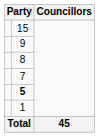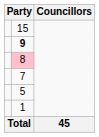 <table class="wikitable">
 <tr>
 <th colspan=2>Party</th>
 <th>Councillors</th>
 </tr>
 <tr>
 <td></td>
 <td align=center>15</td>
 </tr>
 <tr>
 <td></td>
-<td align=center>9</td>
+<td align=center><strong>9</strong></td>
 </tr>
 <tr>
 <td></td>
-<td align=center>8</td>
+<td align=center style="background: pink;">8</td>
 </tr>
 <tr>
 <td></td>
 <td align=center>7</td>
 </tr>
 <tr>
 <td></td>
-<td align=center><strong>5</strong></td>
+<td align=center>5</td>
 </tr>
 <tr>
 <td></td>
 <td align=center>1</td>
 </tr>
 <tr>
 <th colspan=2>Total</th>
 <th align=center>45</th>
 </tr>
 </table>
